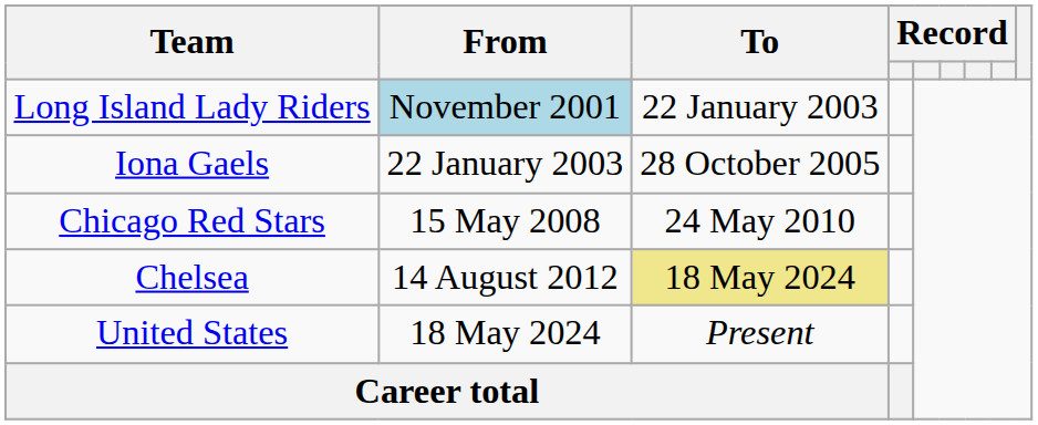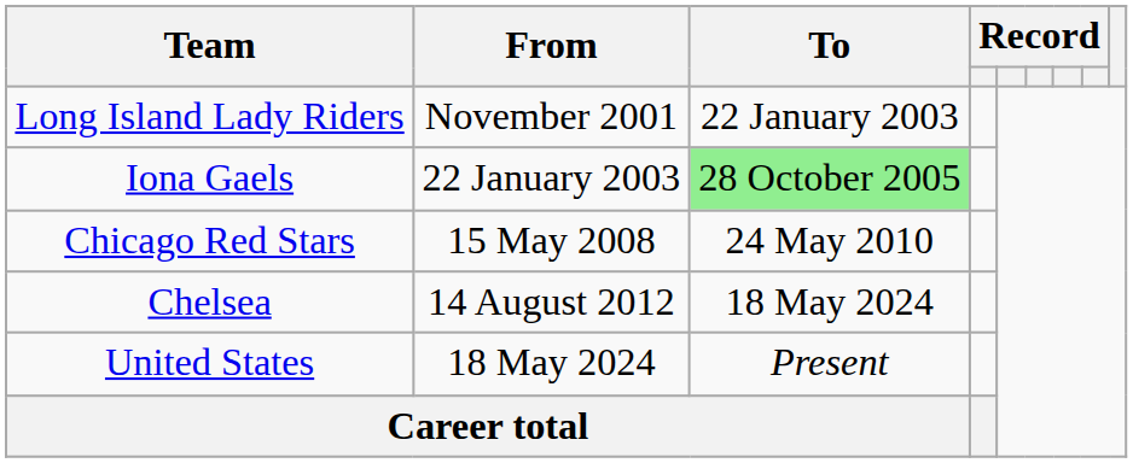 <table class="wikitable" style="text-align:center">
 <tr>
 <th rowspan=2>Team</th>
 <th rowspan=2>From</th>
 <th rowspan=2>To</th>
 <th colspan=5>Record</th>
 <th rowspan=2></th>
 </tr>
 <tr>
 <th></th>
 <th></th>
 <th></th>
 <th></th>
 <th></th>
 </tr>
 <tr>
 <td><a href='#'>Long Island Lady Riders</a></td>
-<td style="background: lightblue;">November 2001</td>
+<td>November 2001</td>
 <td>22 January 2003<br></td>
 <td></td>
 </tr>
 <tr>
 <td><a href='#'>Iona Gaels</a></td>
 <td>22 January 2003</td>
-<td>28 October 2005<br></td>
+<td style="background: lightgreen;">28 October 2005<br></td>
 <td></td>
 </tr>
 <tr>
 <td><a href='#'>Chicago Red Stars</a></td>
 <td>15 May 2008</td>
 <td>24 May 2010<br></td>
 <td></td>
 </tr>
 <tr>
 <td><a href='#'>Chelsea</a></td>
 <td>14 August 2012</td>
-<td style="background: khaki;">18 May 2024<br></td>
+<td>18 May 2024<br></td>
 <td></td>
 </tr>
 <tr>
 <td><a href='#'>United States</a></td>
 <td>18 May 2024</td>
 <td><em>Present</em><br></td>
 <td></td>
 </tr>
 <tr>
 <th colspan="3">Career total<br></th>
 <th></th>
 </tr>
 </table>
